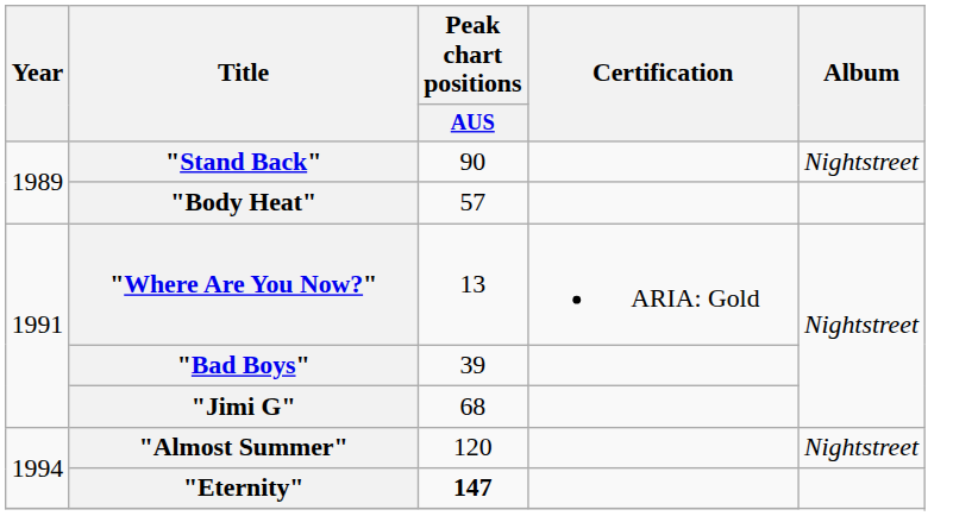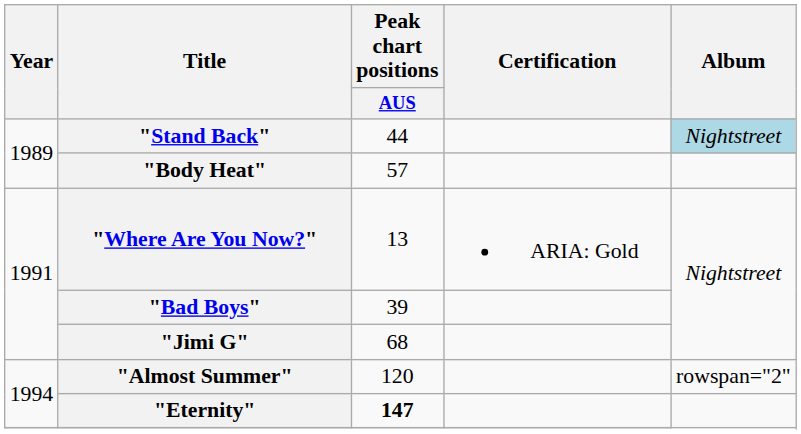 <table class="wikitable plainrowheaders" style="text-align:center;">
 <tr>
 <th scope="col" rowspan="2" style="width:1em;">Year</th>
 <th scope="col" rowspan="2" style="width:13em;">Title</th>
 <th scope="col" colspan="1">Peak chart positions</th>
 <th scope="col" rowspan="2" style="width:10em;">Certification</th>
 <th scope="col" rowspan="2">Album</th>
 </tr>
 <tr>
 <th scope="col" style="width:3em;font-size:85%;"><a href='#'>AUS</a><br></th>
 </tr>
 <tr>
 <td rowspan="2">1989</td>
 <th scope="row">"<a href='#'>Stand Back</a>"</th>
-<td>90</td>
+<td>44</td>
 <td></td>
-<td><em>Nightstreet</em></td>
+<td style="background: lightblue;"><em>Nightstreet</em></td>
 </tr>
 <tr>
 <th scope="row">"Body Heat"</th>
 <td>57</td>
 <td></td>
 <td></td>
 </tr>
 <tr>
 <td rowspan="3">1991</td>
 <th scope="row">"<a href='#'>Where Are You Now?</a>"</th>
 <td>13</td>
 <td><br><ul><li>ARIA: Gold</li></ul></td>
 <td rowspan="3"><em>Nightstreet</em></td>
 </tr>
 <tr>
 <th scope="row">"<a href='#'>Bad Boys</a>"</th>
 <td>39</td>
 <td></td>
 </tr>
 <tr>
 <th scope="row">"Jimi G"</th>
 <td>68</td>
 <td></td>
 </tr>
 <tr>
 <td rowspan="2">1994</td>
 <th scope="row">"Almost Summer"</th>
 <td>120</td>
 <td></td>
-<td><em>Nightstreet</em></td>
+<td>rowspan="2" </td>
 </tr>
 <tr>
 <th scope="row">"Eternity"</th>
 <td><strong>147</strong></td>
 <td></td>
 </tr>
 <tr>
 </tr>
 </table>
